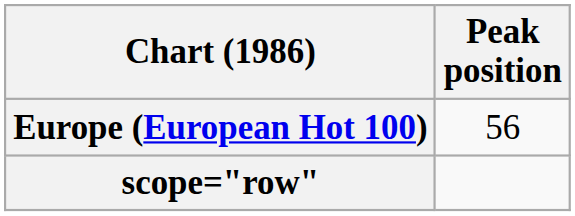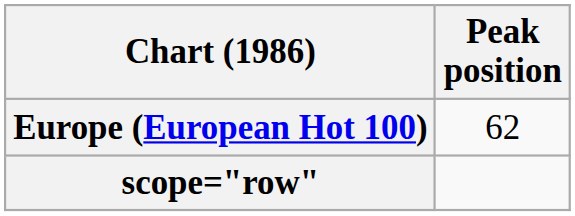 <table class="wikitable sortable plainrowheaders">
 <tr>
 <th align="center">Chart (1986)</th>
 <th align="center">Peak<br>position</th>
 </tr>
 <tr>
 <th scope="row">Europe (<a href='#'>European Hot 100</a>)</th>
-<td align="center">56</td>
+<td align="center">62</td>
 </tr>
 <tr>
 <th>scope="row"</th>
 </tr>
 </table>
